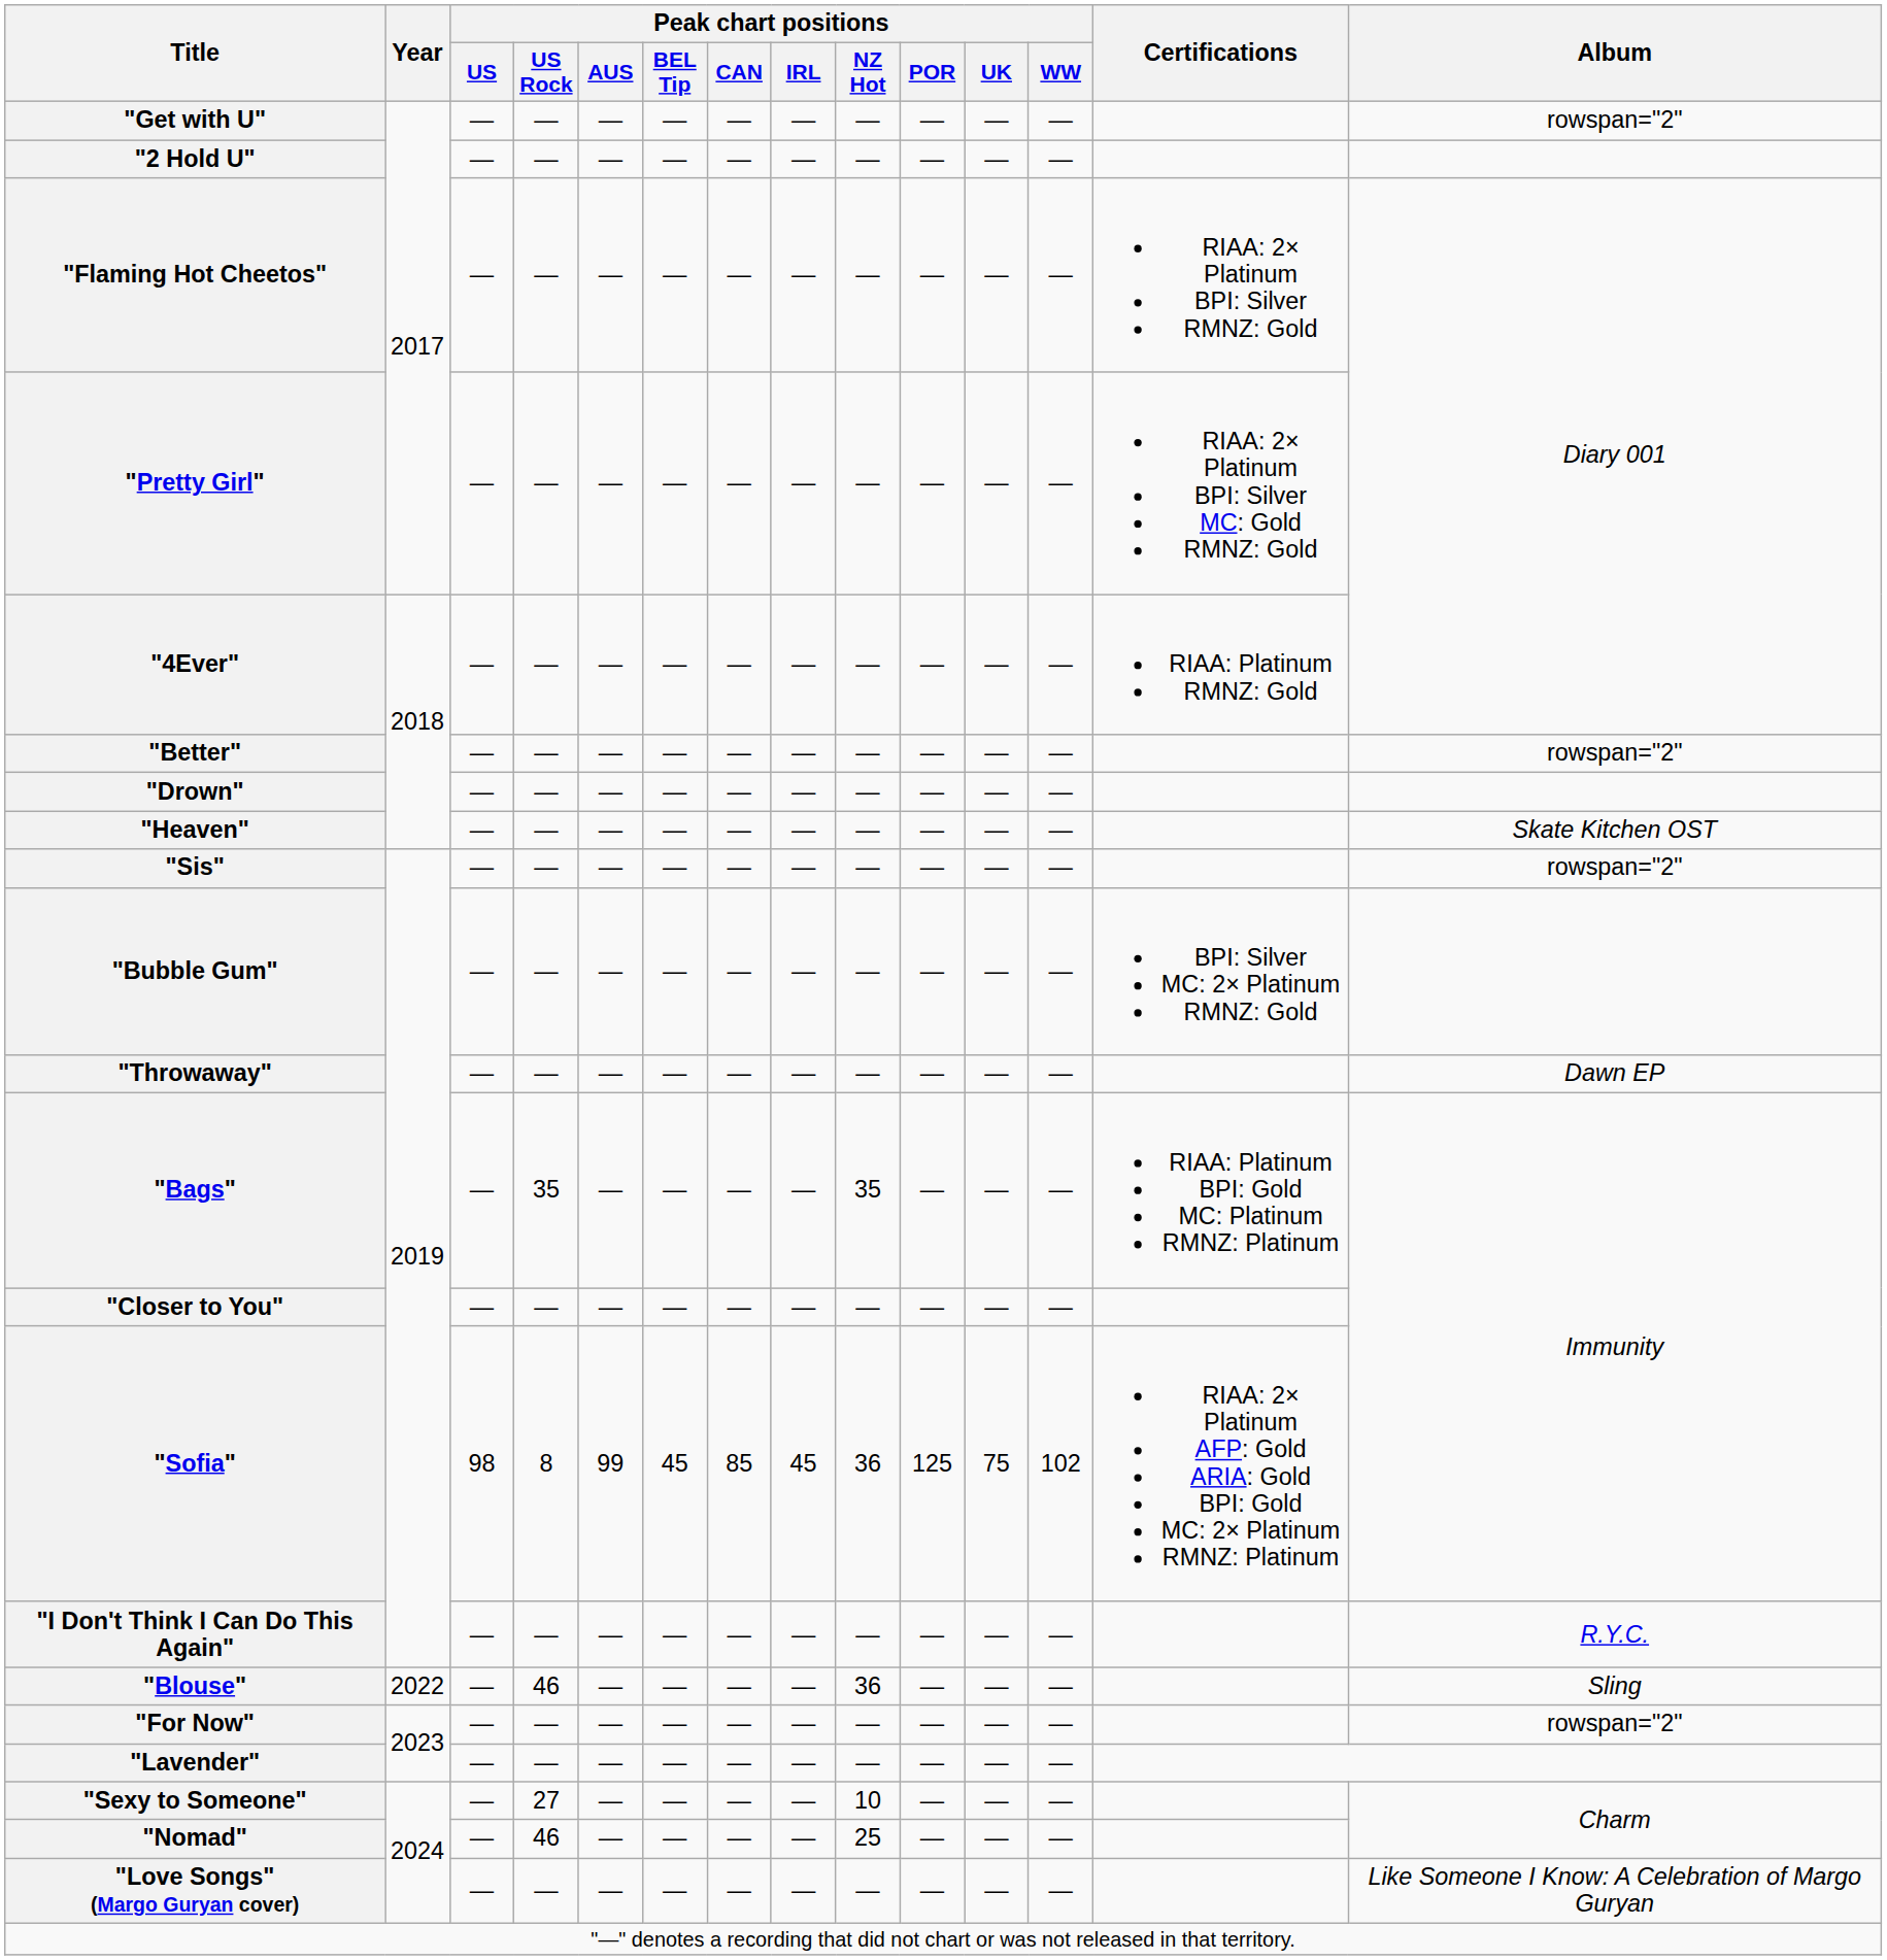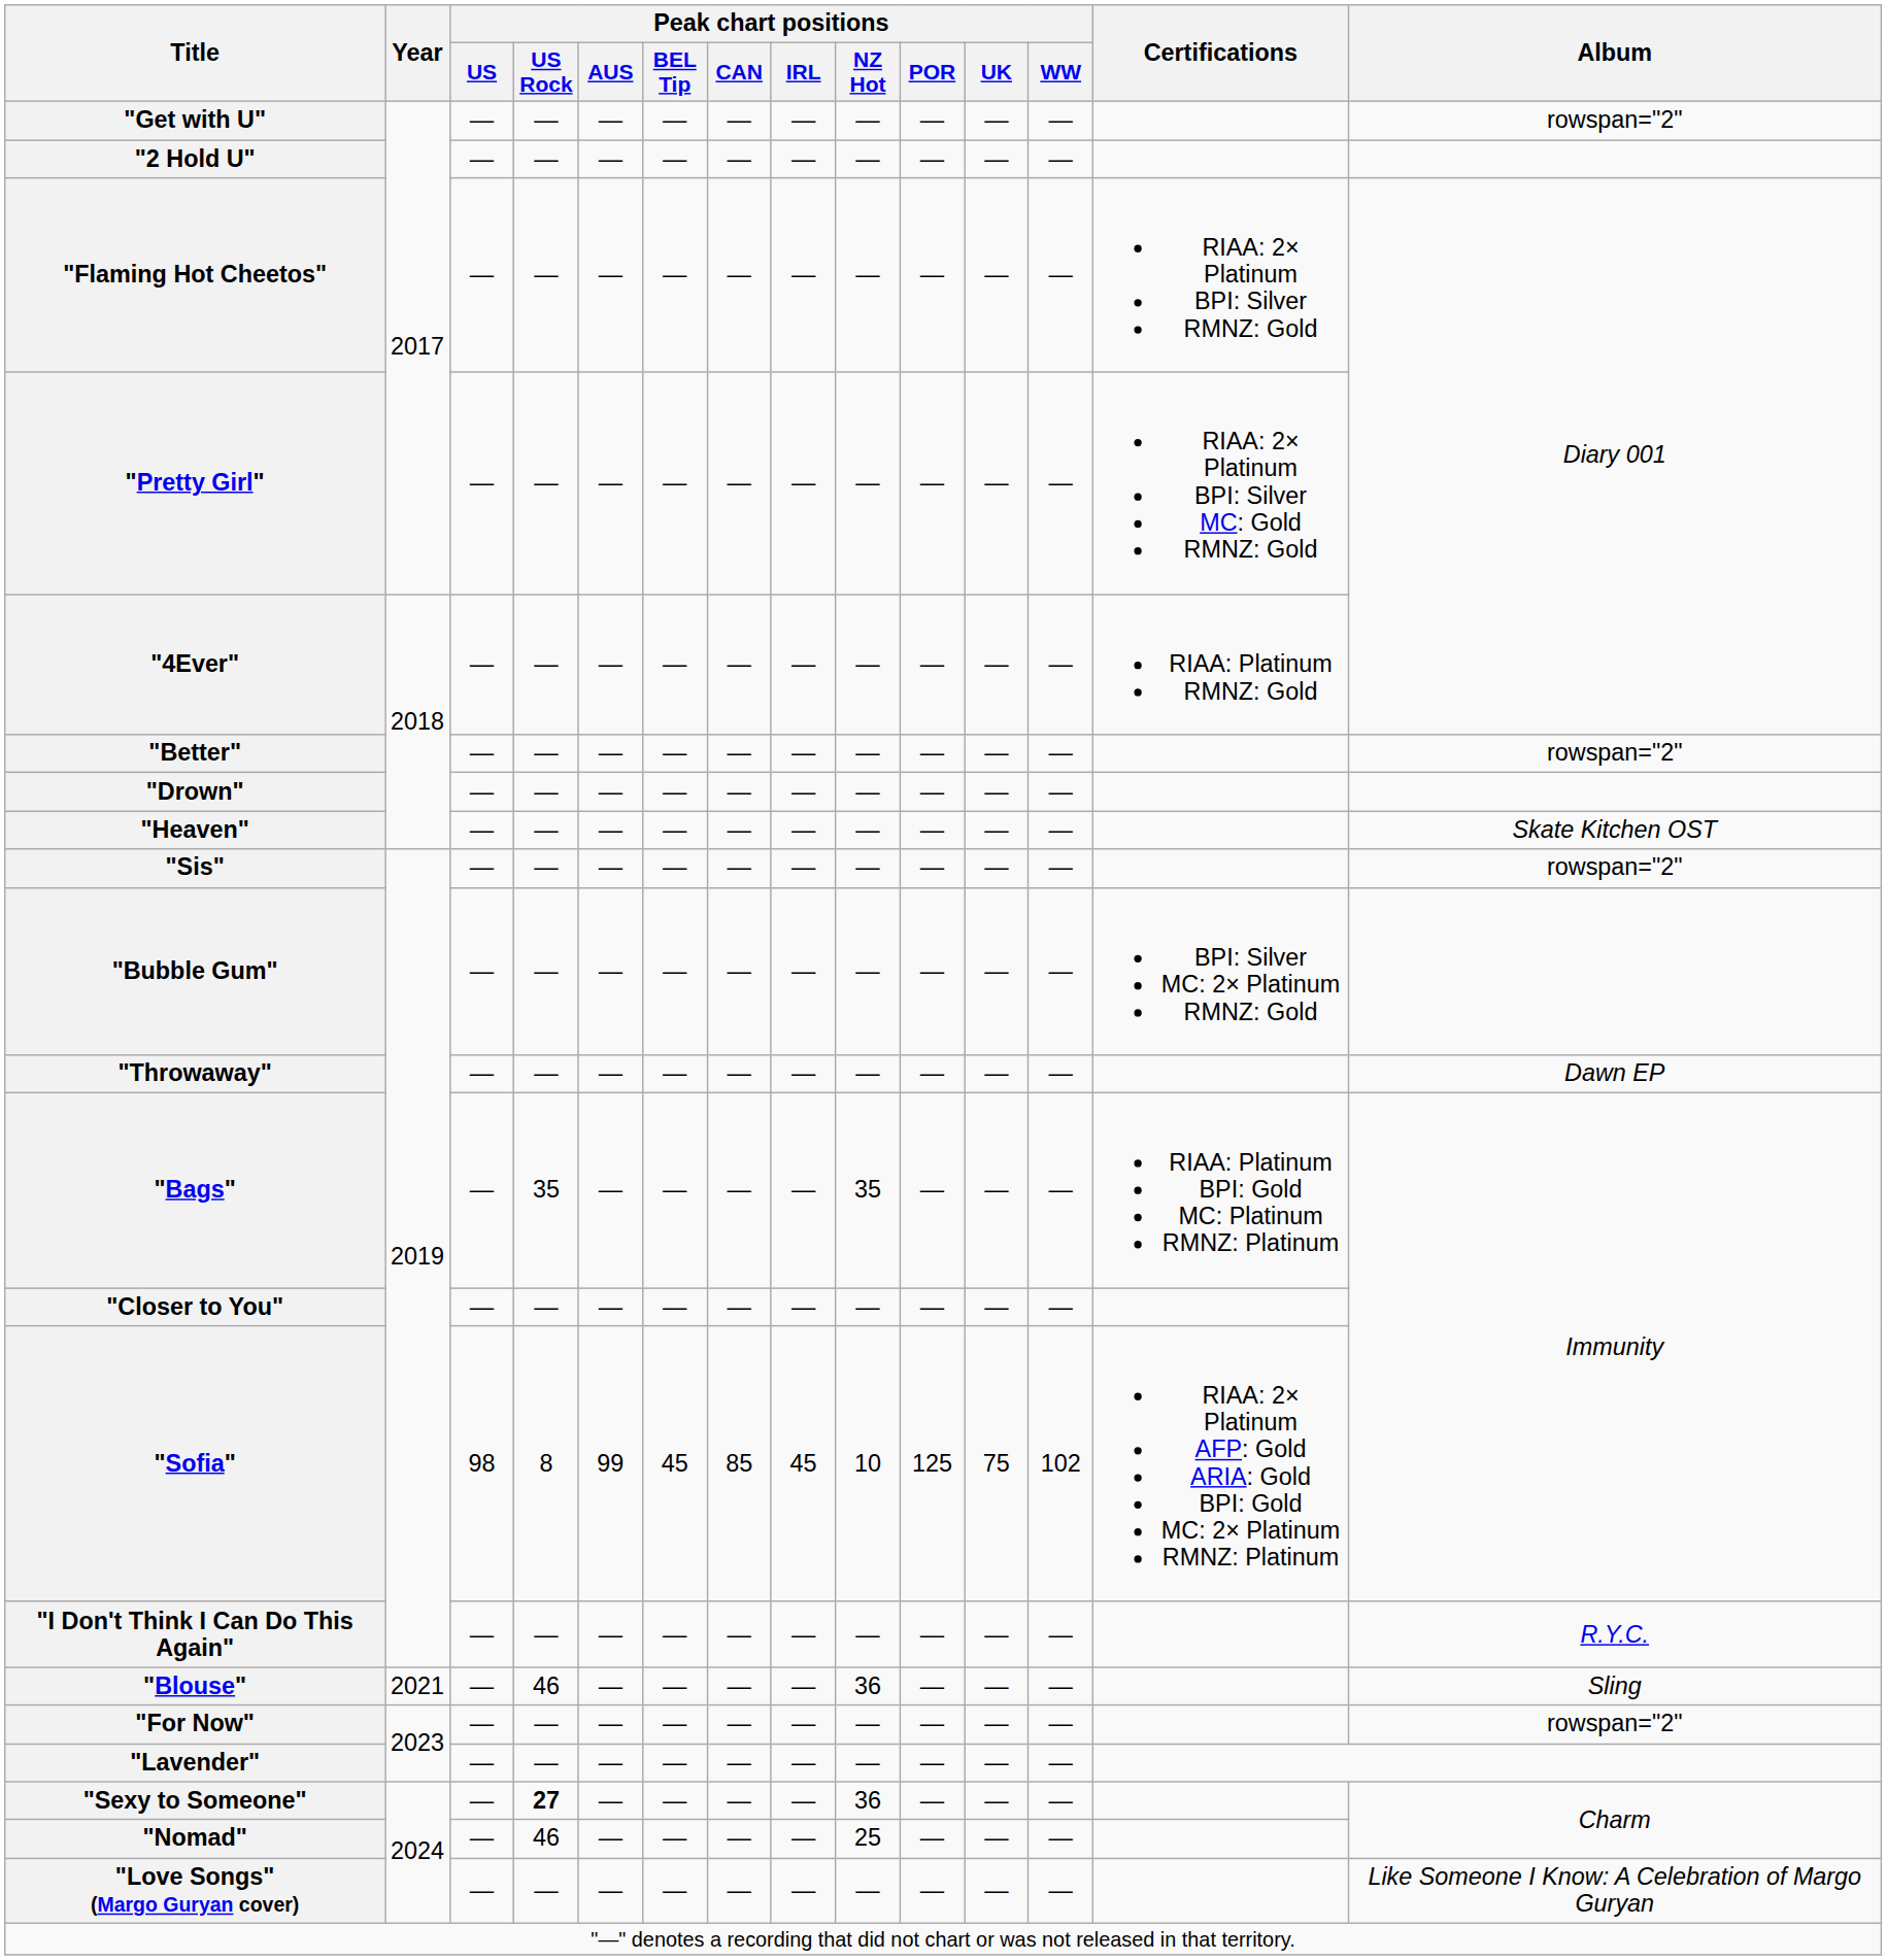 <table class="wikitable plainrowheaders" style="text-align:center;">
 <tr>
 <th scope="col" rowspan="2">Title</th>
 <th scope="col" rowspan="2">Year</th>
 <th scope="col" colspan="10">Peak chart positions</th>
 <th scope="col" rowspan="2">Certifications</th>
 <th scope="col" rowspan="2">Album</th>
 </tr>
 <tr>
 <th scope="col" style="width:2.5em;font-size:90%;"><a href='#'>US</a><br></th>
 <th scope="col" style="width:2.5em;font-size:90%;"><a href='#'>US<br>Rock</a><br></th>
 <th scope="col" style="width:2.5em;font-size:90%;"><a href='#'>AUS</a><br></th>
 <th scope="col" style="width:2.5em;font-size:90%;"><a href='#'>BEL<br>Tip</a><br></th>
 <th scope="col" style="width:2.5em;font-size:90%;"><a href='#'>CAN</a><br></th>
 <th scope="col" style="width:2.5em;font-size:90%;"><a href='#'>IRL</a><br></th>
 <th scope="col" style="width:2.5em;font-size:90%;"><a href='#'>NZ<br>Hot</a><br></th>
 <th scope="col" style="width:2.5em;font-size:90%;"><a href='#'>POR</a><br></th>
 <th scope="col" style="width:2.5em;font-size:90%;"><a href='#'>UK</a><br></th>
 <th scope="col" style="width:2.5em;font-size:90%;"><a href='#'>WW</a><br></th>
 </tr>
 <tr>
 <th scope="row">"Get with U"</th>
 <td rowspan="4">2017</td>
 <td>—</td>
 <td>—</td>
 <td>—</td>
 <td>—</td>
 <td>—</td>
 <td>—</td>
 <td>—</td>
 <td>—</td>
 <td>—</td>
 <td>—</td>
 <td></td>
 <td>rowspan="2" </td>
 </tr>
 <tr>
 <th scope="row">"2 Hold U"</th>
 <td>—</td>
 <td>—</td>
 <td>—</td>
 <td>—</td>
 <td>—</td>
 <td>—</td>
 <td>—</td>
 <td>—</td>
 <td>—</td>
 <td>—</td>
 <td></td>
 </tr>
 <tr>
 <th scope="row">"Flaming Hot Cheetos"</th>
 <td>—</td>
 <td>—</td>
 <td>—</td>
 <td>—</td>
 <td>—</td>
 <td>—</td>
 <td>—</td>
 <td>—</td>
 <td>—</td>
 <td>—</td>
 <td><br><ul><li>RIAA: 2× Platinum</li><li>BPI: Silver</li><li>RMNZ: Gold</li></ul></td>
 <td rowspan="3"><em>Diary 001</em></td>
 </tr>
 <tr>
 <th scope="row">"<a href='#'>Pretty Girl</a>"</th>
 <td>—</td>
 <td>—</td>
 <td>—</td>
 <td>—</td>
 <td>—</td>
 <td>—</td>
 <td>—</td>
 <td>—</td>
 <td>—</td>
 <td>—</td>
 <td><br><ul><li>RIAA: 2× Platinum</li><li>BPI: Silver</li><li><a href='#'>MC</a>: Gold</li><li>RMNZ: Gold</li></ul></td>
 </tr>
 <tr>
 <th scope="row">"4Ever"</th>
 <td rowspan="4">2018</td>
 <td>—</td>
 <td>—</td>
 <td>—</td>
 <td>—</td>
 <td>—</td>
 <td>—</td>
 <td>—</td>
 <td>—</td>
 <td>—</td>
 <td>—</td>
 <td><br><ul><li>RIAA: Platinum</li><li>RMNZ: Gold</li></ul></td>
 </tr>
 <tr>
 <th scope="row">"Better"<br></th>
 <td>—</td>
 <td>—</td>
 <td>—</td>
 <td>—</td>
 <td>—</td>
 <td>—</td>
 <td>—</td>
 <td>—</td>
 <td>—</td>
 <td>—</td>
 <td></td>
 <td>rowspan="2" </td>
 </tr>
 <tr>
 <th scope="row">"Drown"<br></th>
 <td>—</td>
 <td>—</td>
 <td>—</td>
 <td>—</td>
 <td>—</td>
 <td>—</td>
 <td>—</td>
 <td>—</td>
 <td>—</td>
 <td>—</td>
 <td></td>
 </tr>
 <tr>
 <th scope="row">"Heaven"</th>
 <td>—</td>
 <td>—</td>
 <td>—</td>
 <td>—</td>
 <td>—</td>
 <td>—</td>
 <td>—</td>
 <td>—</td>
 <td>—</td>
 <td>—</td>
 <td></td>
 <td><em>Skate Kitchen OST</em></td>
 </tr>
 <tr>
 <th scope="row">"Sis"</th>
 <td rowspan="7">2019</td>
 <td>—</td>
 <td>—</td>
 <td>—</td>
 <td>—</td>
 <td>—</td>
 <td>—</td>
 <td>—</td>
 <td>—</td>
 <td>—</td>
 <td>—</td>
 <td></td>
 <td>rowspan="2" </td>
 </tr>
 <tr>
 <th scope="row">"Bubble Gum"</th>
 <td>—</td>
 <td>—</td>
 <td>—</td>
 <td>—</td>
 <td>—</td>
 <td>—</td>
 <td>—</td>
 <td>—</td>
 <td>—</td>
 <td>—</td>
 <td><br><ul><li>BPI: Silver</li><li>MC: 2× Platinum</li><li>RMNZ: Gold</li></ul></td>
 </tr>
 <tr>
 <th scope="row">"Throwaway"<br></th>
 <td>—</td>
 <td>—</td>
 <td>—</td>
 <td>—</td>
 <td>—</td>
 <td>—</td>
 <td>—</td>
 <td>—</td>
 <td>—</td>
 <td>—</td>
 <td></td>
 <td><em>Dawn EP</em></td>
 </tr>
 <tr>
 <th scope="row">"<a href='#'>Bags</a>"</th>
 <td>—</td>
 <td>35</td>
 <td>—</td>
 <td>—</td>
 <td>—</td>
 <td>—</td>
 <td>35</td>
 <td>—</td>
 <td>—</td>
 <td>—</td>
 <td><br><ul><li>RIAA: Platinum</li><li>BPI: Gold</li><li>MC: Platinum</li><li>RMNZ: Platinum</li></ul></td>
 <td rowspan="3"><em>Immunity</em></td>
 </tr>
 <tr>
 <th scope="row">"Closer to You"</th>
 <td>—</td>
 <td>—</td>
 <td>—</td>
 <td>—</td>
 <td>—</td>
 <td>—</td>
 <td>—</td>
 <td>—</td>
 <td>—</td>
 <td>—</td>
 <td></td>
 </tr>
 <tr>
 <th scope="row">"<a href='#'>Sofia</a>"</th>
 <td>98</td>
 <td>8</td>
 <td>99</td>
 <td>45</td>
 <td>85</td>
 <td>45</td>
-<td>36</td>
+<td>10</td>
 <td>125</td>
 <td>75</td>
 <td>102</td>
 <td><br><ul><li>RIAA: 2× Platinum</li><li><a href='#'>AFP</a>: Gold</li><li><a href='#'>ARIA</a>: Gold</li><li>BPI: Gold</li><li>MC: 2× Platinum</li><li>RMNZ: Platinum</li></ul></td>
 </tr>
 <tr>
 <th scope="row">"I Don't Think I Can Do This Again"<br></th>
 <td>—</td>
 <td>—</td>
 <td>—</td>
 <td>—</td>
 <td>—</td>
 <td>—</td>
 <td>—</td>
 <td>—</td>
 <td>—</td>
 <td>—</td>
 <td></td>
 <td><em><a href='#'>R.Y.C.</a></em></td>
 </tr>
 <tr>
 <th scope="row">"<a href='#'>Blouse</a>"</th>
-<td>2022</td>
+<td>2021</td>
 <td>—</td>
 <td>46</td>
 <td>—</td>
 <td>—</td>
 <td>—</td>
 <td>—</td>
 <td>36</td>
 <td>—</td>
 <td>—</td>
 <td>—</td>
 <td></td>
 <td><em>Sling</em></td>
 </tr>
 <tr>
 <th scope="row">"For Now"</th>
 <td rowspan="2">2023</td>
 <td>—</td>
 <td>—</td>
 <td>—</td>
 <td>—</td>
 <td>—</td>
 <td>—</td>
 <td>—</td>
 <td>—</td>
 <td>—</td>
 <td>—</td>
 <td></td>
 <td>rowspan="2" </td>
 </tr>
 <tr>
 <th scope="row">"Lavender"</th>
 <td>—</td>
 <td>—</td>
 <td>—</td>
 <td>—</td>
 <td>—</td>
 <td>—</td>
 <td>—</td>
 <td>—</td>
 <td>—</td>
 <td>—</td>
 </tr>
 <tr>
 <th scope="row">"Sexy to Someone"</th>
 <td rowspan="3">2024</td>
 <td>—</td>
-<td>27</td>
+<td><strong>27</strong></td>
 <td>—</td>
 <td>—</td>
 <td>—</td>
 <td>—</td>
-<td>10</td>
+<td>36</td>
 <td>—</td>
 <td>—</td>
 <td>—</td>
 <td></td>
 <td rowspan="2"><em>Charm</em></td>
 </tr>
 <tr>
 <th scope="row">"Nomad"</th>
 <td>—</td>
 <td>46</td>
 <td>—</td>
 <td>—</td>
 <td>—</td>
 <td>—</td>
 <td>25</td>
 <td>—</td>
 <td>—</td>
 <td>—</td>
 <td></td>
 </tr>
 <tr>
 <th scope="row">"Love Songs"<br><small>(<a href='#'>Margo Guryan</a> cover)</small></th>
 <td>—</td>
 <td>—</td>
 <td>—</td>
 <td>—</td>
 <td>—</td>
 <td>—</td>
 <td>—</td>
 <td>—</td>
 <td>—</td>
 <td>—</td>
 <td></td>
 <td><em>Like Someone I Know: A Celebration of Margo Guryan</em></td>
 </tr>
 <tr>
 <td colspan="14" style="font-size:85%;">"—" denotes a recording that did not chart or was not released in that territory.</td>
 </tr>
 </table>
